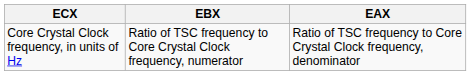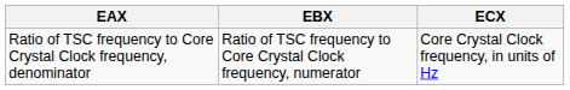 <table class="wikitable">
 <tr>
+<th>EAX</th>
+<th>EBX</th>
 <th>ECX</th>
-<th>EBX</th>
-<th>EAX</th>
 </tr>
 <tr>
+<td>Ratio of TSC frequency to Core Crystal Clock frequency, denominator</td>
+<td>Ratio of TSC frequency to Core Crystal Clock frequency, numerator</td>
 <td>Core Crystal Clock frequency, in units of <a href='#'>Hz</a></td>
-<td>Ratio of TSC frequency to Core Crystal Clock frequency, numerator</td>
-<td>Ratio of TSC frequency to Core Crystal Clock frequency, denominator</td>
 </tr>
 </table>
